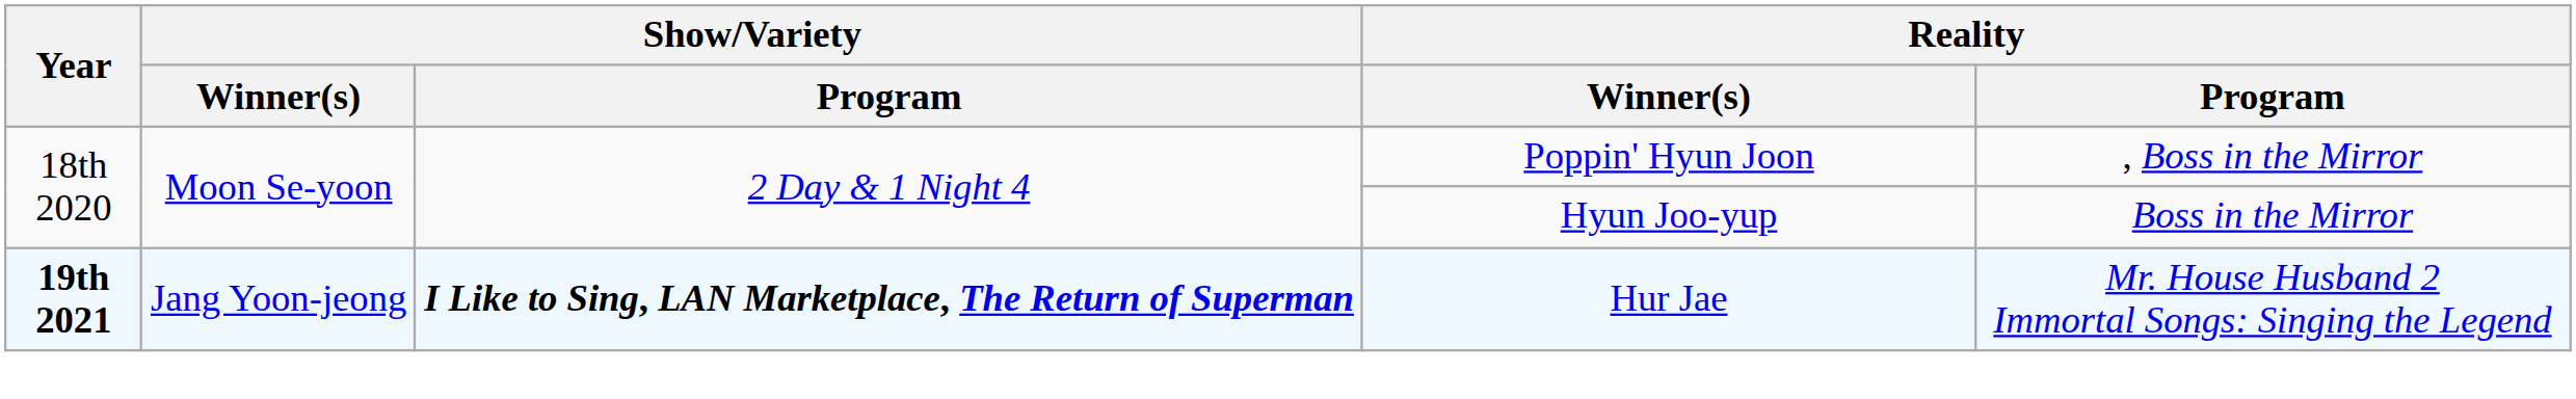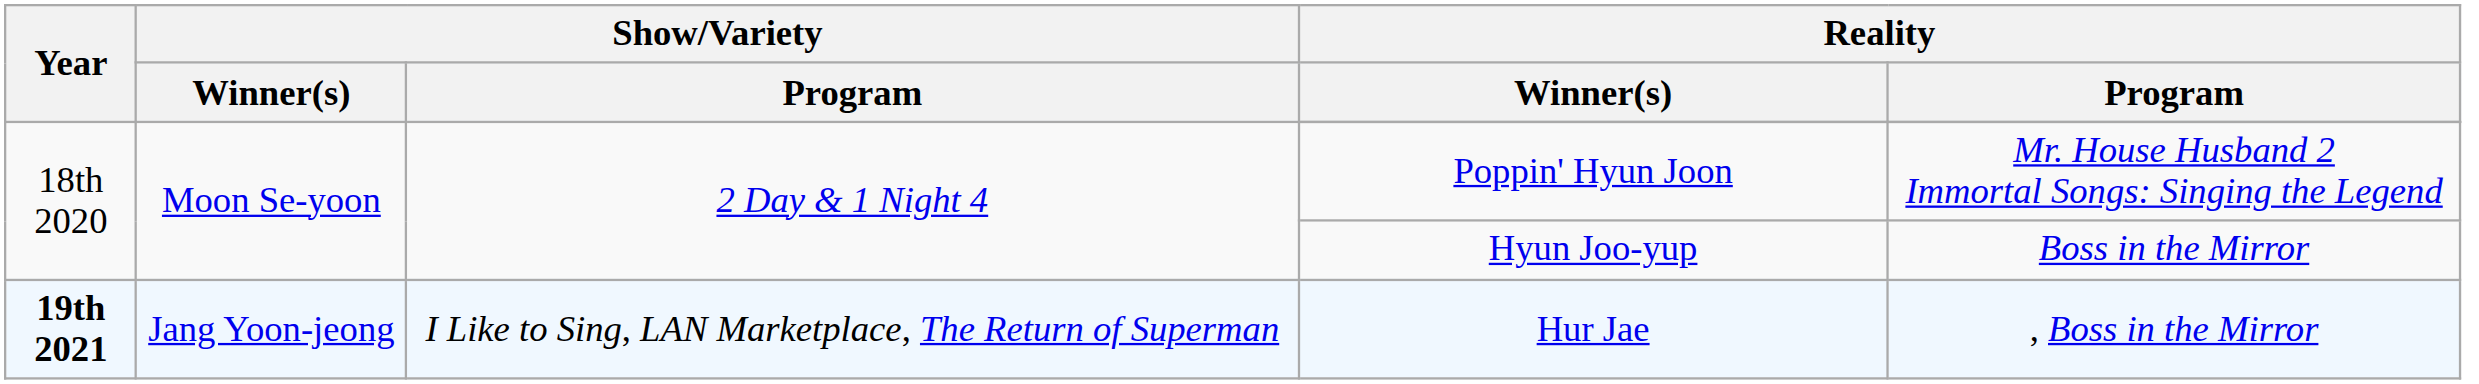 <table class="wikitable" style=text-align:center>
 <tr>
 <th rowspan=2 style="width:50px">Year</th>
 <th colspan=2 style="width:500px">Show/Variety</th>
 <th colspan=2 style="width:500px">Reality</th>
 </tr>
 <tr style="background:#F0F8FF">
 <th>Winner(s)</th>
 <th>Program</th>
 <th style="width:250px">Winner(s)</th>
 <th>Program</th>
 </tr>
 <tr>
 <td rowspan=3>18th<br>2020</td>
 <td rowspan=3><a href='#'>Moon Se-yoon</a></td>
 <td rowspan=3><a href='#'><em>2 Day & 1 Night 4</em></a></td>
 </tr>
 <tr>
 <td><a href='#'>Poppin' Hyun Joon</a><br></td>
-<td><em></em>, <em><a href='#'>Boss in the Mirror</a></em></td>
+<td><em><a href='#'>Mr. House Husband 2</a><br><a href='#'>Immortal Songs: Singing the Legend</a></em></td>
 </tr>
 <tr>
 <td><a href='#'>Hyun Joo-yup</a></td>
 <td><em><a href='#'>Boss in the Mirror</a></em></td>
 </tr>
 <tr style="background:#F0F8FF">
 <td><strong>19th<br>2021</strong></td>
 <td><a href='#'>Jang Yoon-jeong</a></td>
-<td><strong><em>I Like to Sing</em>, <em>LAN Marketplace</em>, <em><a href='#'>The Return of Superman</a></em></strong></td>
+<td><em>I Like to Sing</em>, <em>LAN Marketplace</em>, <em><a href='#'>The Return of Superman</a></em></td>
 <td><a href='#'>Hur Jae</a></td>
-<td><em><a href='#'>Mr. House Husband 2</a><br><a href='#'>Immortal Songs: Singing the Legend</a></em></td>
+<td><em></em>, <em><a href='#'>Boss in the Mirror</a></em></td>
 </tr>
 </table>
